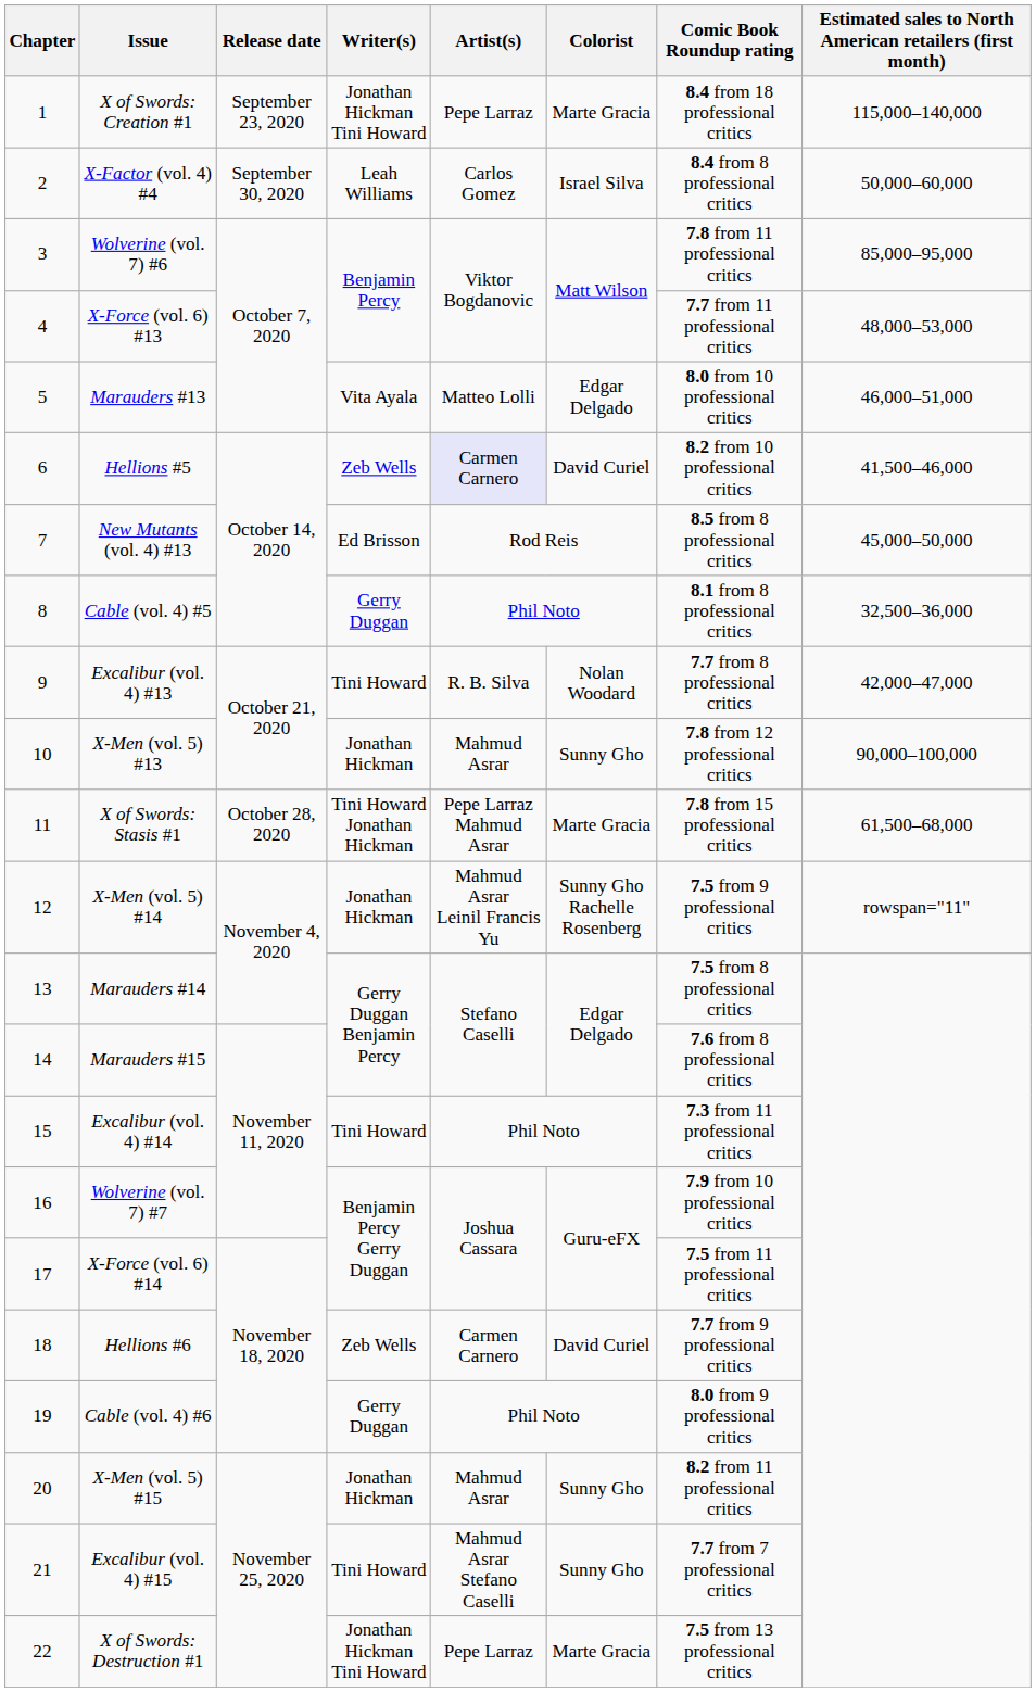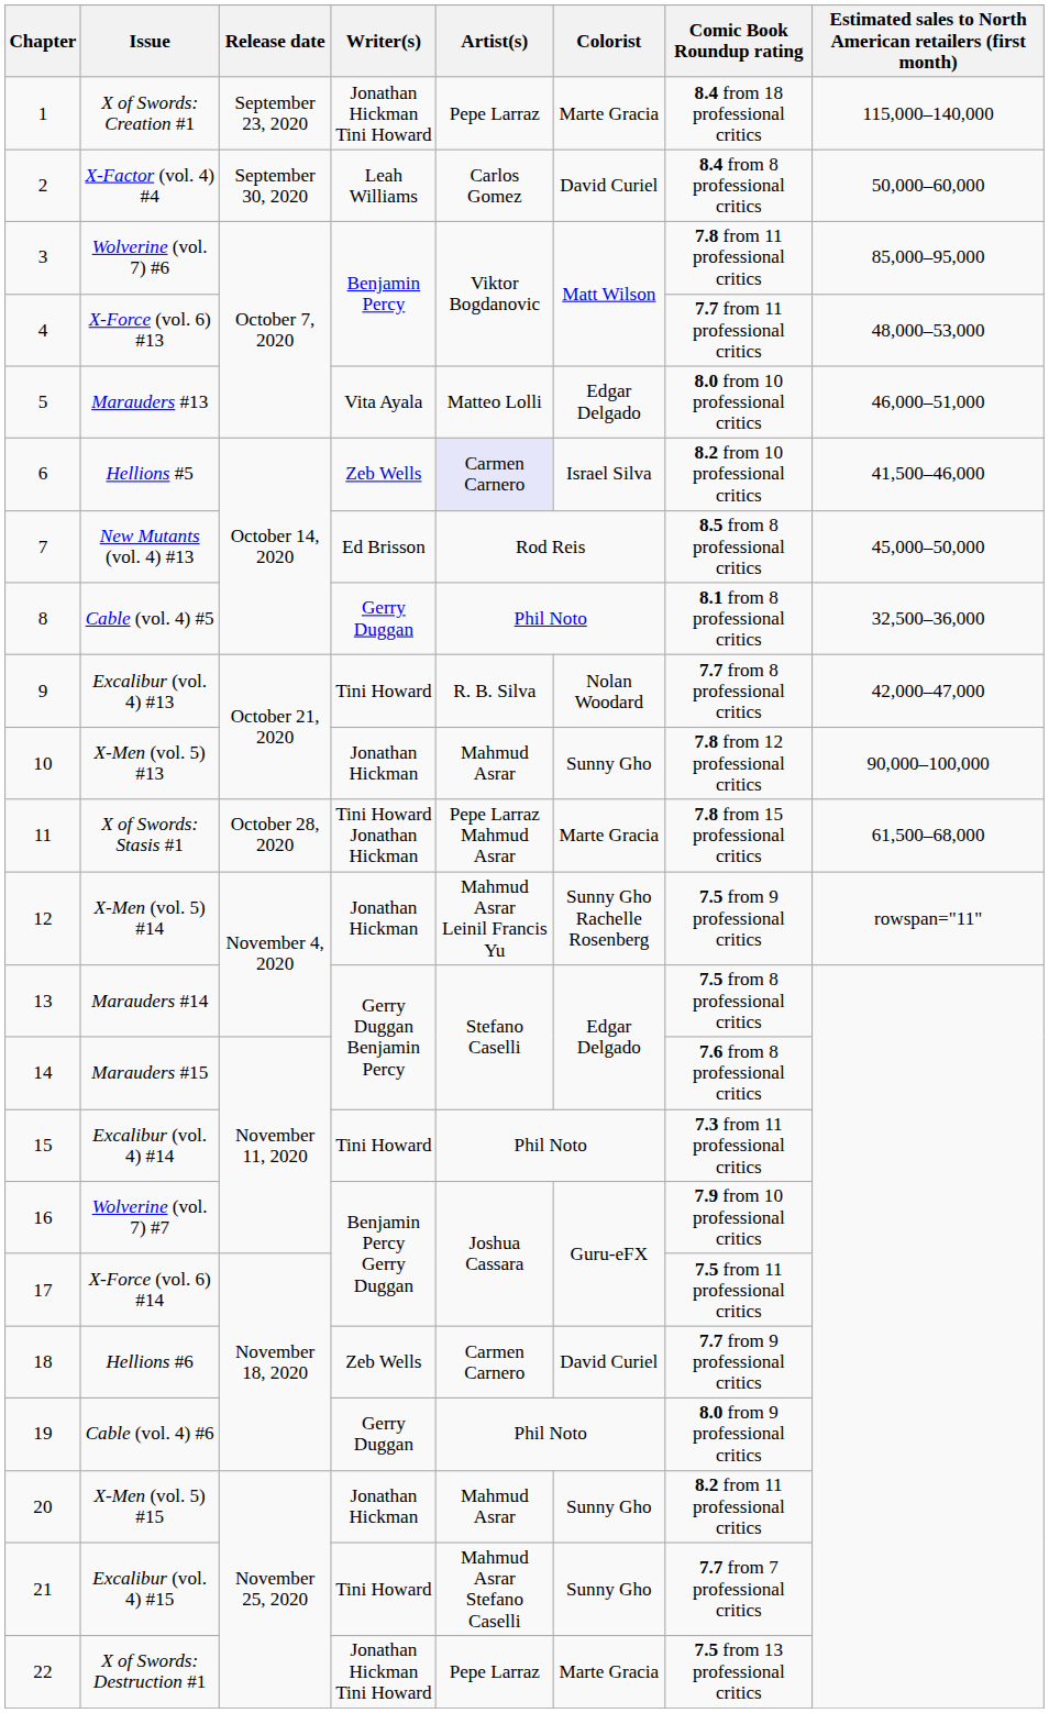 <table class="wikitable" style="text-align:center; width:100%">
 <tr>
 <th scope="col">Chapter</th>
 <th scope="col">Issue</th>
 <th scope="col">Release date</th>
 <th scope="col">Writer(s)</th>
 <th scope="col">Artist(s)</th>
 <th scope="col">Colorist</th>
 <th scope="col"><strong>Comic Book Roundup rating</strong></th>
 <th scope="col"><strong>Estimated sales to North American retailers (first month)</strong></th>
 </tr>
 <tr>
 <td>1</td>
 <td><em>X of Swords: Creation</em> #1</td>
 <td>September 23, 2020</td>
 <td>Jonathan Hickman<br>Tini Howard</td>
 <td>Pepe Larraz</td>
 <td>Marte Gracia</td>
 <td><strong>8.4</strong> from 18 professional critics</td>
 <td>115,000–140,000</td>
 </tr>
 <tr>
 <td>2</td>
 <td><em><a href='#'>X-Factor</a></em> (vol. 4) #4</td>
 <td>September 30, 2020</td>
 <td>Leah Williams</td>
 <td>Carlos Gomez</td>
-<td>Israel Silva</td>
+<td>David Curiel</td>
 <td><strong>8.4</strong> from 8 professional critics</td>
 <td>50,000–60,000</td>
 </tr>
 <tr>
 <td>3</td>
 <td><em><a href='#'>Wolverine</a></em> (vol. 7) #6</td>
 <td rowspan="3">October 7, 2020</td>
 <td rowspan="2"><a href='#'>Benjamin Percy</a></td>
 <td rowspan="2">Viktor Bogdanovic</td>
 <td rowspan="2"><a href='#'>Matt Wilson</a></td>
 <td><strong>7.8</strong> from 11 professional critics</td>
 <td>85,000–95,000</td>
 </tr>
 <tr>
 <td>4</td>
 <td><em><a href='#'>X-Force</a></em> (vol. 6) #13</td>
 <td><strong>7.7</strong> from 11 professional critics</td>
 <td>48,000–53,000</td>
 </tr>
 <tr>
 <td>5</td>
 <td><em><a href='#'>Marauders</a></em> #13</td>
 <td>Vita Ayala</td>
 <td>Matteo Lolli</td>
 <td>Edgar Delgado</td>
 <td><strong>8.0</strong> from 10 professional critics</td>
 <td>46,000–51,000</td>
 </tr>
 <tr>
 <td>6</td>
 <td><em><a href='#'>Hellions</a></em> #5</td>
 <td rowspan="3">October 14, 2020</td>
 <td><a href='#'>Zeb Wells</a></td>
 <td style="background: lavender;">Carmen Carnero</td>
-<td>David Curiel</td>
+<td>Israel Silva</td>
 <td><strong>8.2</strong> from 10 professional critics</td>
 <td>41,500–46,000</td>
 </tr>
 <tr>
 <td>7</td>
 <td><em><a href='#'>New Mutants</a></em> (vol. 4) #13</td>
 <td>Ed Brisson</td>
 <td colspan="2">Rod Reis</td>
 <td><strong>8.5</strong> from 8 professional critics</td>
 <td>45,000–50,000</td>
 </tr>
 <tr>
 <td>8</td>
 <td><em><a href='#'>Cable</a></em> (vol. 4) #5</td>
 <td><a href='#'>Gerry Duggan</a></td>
 <td colspan="2"><a href='#'>Phil Noto</a></td>
 <td><strong>8.1</strong> from 8 professional critics</td>
 <td>32,500–36,000</td>
 </tr>
 <tr>
 <td>9</td>
 <td><em>Excalibur</em> (vol. 4) #13</td>
 <td rowspan="2">October 21, 2020</td>
 <td>Tini Howard</td>
 <td>R. B. Silva</td>
 <td>Nolan Woodard</td>
 <td><strong>7.7</strong> from 8 professional critics</td>
 <td>42,000–47,000</td>
 </tr>
 <tr>
 <td>10</td>
 <td><em>X-Men</em> (vol. 5) #13</td>
 <td>Jonathan Hickman</td>
 <td>Mahmud Asrar</td>
 <td>Sunny Gho</td>
 <td><strong>7.8</strong> from 12 professional critics</td>
 <td>90,000–100,000</td>
 </tr>
 <tr>
 <td>11</td>
 <td><em>X of Swords: Stasis</em> #1</td>
 <td>October 28, 2020</td>
 <td>Tini Howard<br>Jonathan Hickman</td>
 <td>Pepe Larraz<br>Mahmud Asrar</td>
 <td>Marte Gracia</td>
 <td><strong>7.8</strong> from 15 professional critics</td>
 <td>61,500–68,000</td>
 </tr>
 <tr>
 <td>12</td>
 <td><em>X-Men</em> (vol. 5) #14</td>
 <td rowspan="2">November 4, 2020</td>
 <td>Jonathan Hickman</td>
 <td>Mahmud Asrar<br>Leinil Francis Yu</td>
 <td>Sunny Gho<br>Rachelle Rosenberg</td>
 <td><strong>7.5</strong> from 9 professional critics</td>
 <td>rowspan="11" </td>
 </tr>
 <tr>
 <td>13</td>
 <td><em>Marauders</em> #14</td>
 <td rowspan="2">Gerry Duggan<br>Benjamin Percy</td>
 <td rowspan="2">Stefano Caselli</td>
 <td rowspan="2">Edgar Delgado</td>
 <td><strong>7.5</strong> from 8 professional critics</td>
 </tr>
 <tr>
 <td>14</td>
 <td><em>Marauders</em> #15</td>
 <td rowspan="3">November 11, 2020</td>
 <td><strong>7.6</strong> from 8 professional critics</td>
 </tr>
 <tr>
 <td>15</td>
 <td><em>Excalibur</em> (vol. 4) #14</td>
 <td>Tini Howard</td>
 <td colspan="2">Phil Noto</td>
 <td><strong>7.3</strong> from 11 professional critics</td>
 </tr>
 <tr>
 <td>16</td>
 <td><em><a href='#'>Wolverine</a></em> (vol. 7) #7</td>
 <td rowspan="2">Benjamin Percy<br>Gerry Duggan</td>
 <td rowspan="2">Joshua Cassara</td>
 <td rowspan="2">Guru-eFX</td>
 <td><strong>7.9</strong> from 10 professional critics</td>
 </tr>
 <tr>
 <td>17</td>
 <td><em>X-Force</em> (vol. 6) #14</td>
 <td rowspan="3">November 18, 2020</td>
 <td><strong>7.5</strong> from 11 professional critics</td>
 </tr>
 <tr>
 <td>18</td>
 <td><em>Hellions</em> #6</td>
 <td>Zeb Wells</td>
 <td>Carmen Carnero</td>
 <td>David Curiel</td>
 <td><strong>7.7</strong> from 9 professional critics</td>
 </tr>
 <tr>
 <td>19</td>
 <td><em>Cable</em> (vol. 4) #6</td>
 <td>Gerry Duggan</td>
 <td colspan="2">Phil Noto</td>
 <td><strong>8.0</strong> from 9 professional critics</td>
 </tr>
 <tr>
 <td>20</td>
 <td><em>X-Men</em> (vol. 5) #15</td>
 <td rowspan="3">November 25, 2020</td>
 <td>Jonathan Hickman</td>
 <td>Mahmud Asrar</td>
 <td>Sunny Gho</td>
 <td><strong>8.2</strong> from 11 professional critics</td>
 </tr>
 <tr>
 <td>21</td>
 <td><em>Excalibur</em> (vol. 4) #15</td>
 <td>Tini Howard</td>
 <td>Mahmud Asrar<br>Stefano Caselli</td>
 <td>Sunny Gho</td>
 <td><strong>7.7</strong> from 7 professional critics</td>
 </tr>
 <tr>
 <td>22</td>
 <td><em>X of Swords: Destruction</em> #1</td>
 <td>Jonathan Hickman<br>Tini Howard</td>
 <td>Pepe Larraz</td>
 <td>Marte Gracia</td>
 <td><strong>7.5</strong> from 13 professional critics</td>
 </tr>
 <tr>
 </tr>
 </table>
